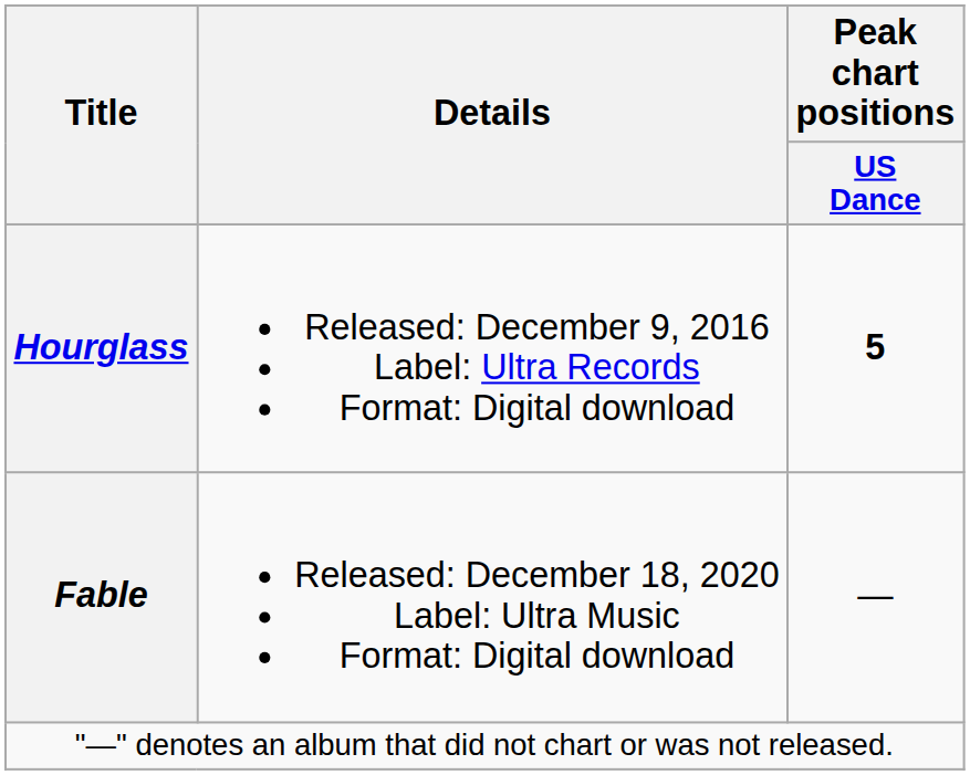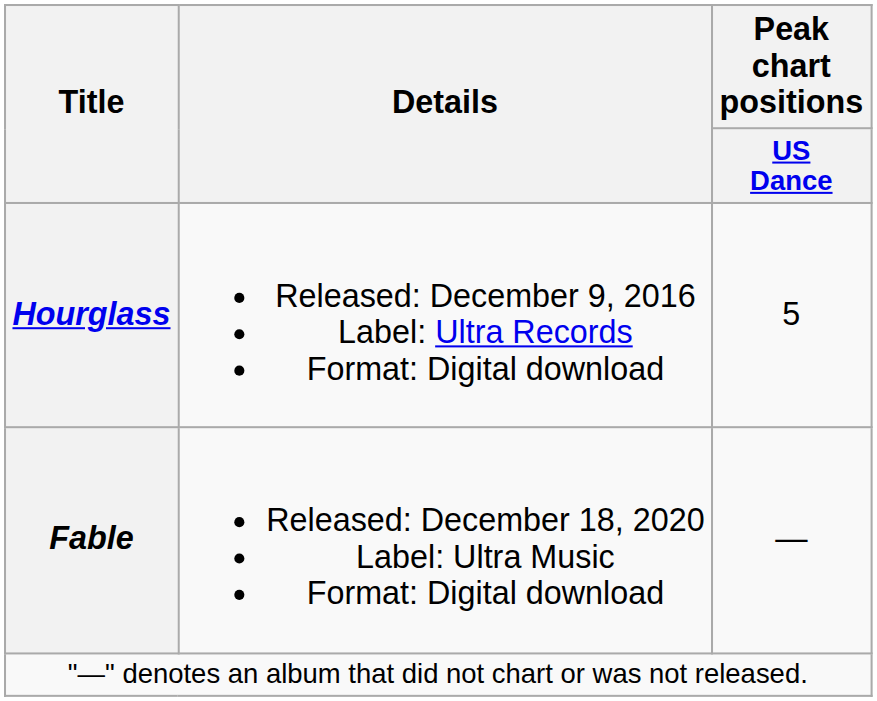 <table class="wikitable plainrowheaders" style="text-align:center;">
 <tr>
 <th rowspan="2" scope="col">Title</th>
 <th rowspan="2" scope="col">Details</th>
 <th rowspan="1" scope="col">Peak chart positions</th>
 </tr>
 <tr>
 <th scope="col" style="width:3em;font-size:85%;"><a href='#'>US<br>Dance</a><br></th>
 </tr>
 <tr>
 <th scope="row"><em><a href='#'>Hourglass</a></em></th>
 <td><br><ul><li>Released: December 9, 2016</li><li>Label: <a href='#'>Ultra Records</a></li><li>Format: Digital download</li></ul></td>
-<td><strong>5</strong></td>
+<td>5</td>
 </tr>
 <tr>
 <th scope="row"><em>Fable</em></th>
 <td><br><ul><li>Released: December 18, 2020</li><li>Label: Ultra Music</li><li>Format: Digital download</li></ul></td>
 <td>—</td>
 </tr>
 <tr>
 <td colspan="4" style="font-size:85%">"—" denotes an album that did not chart or was not released.</td>
 </tr>
 </table>
